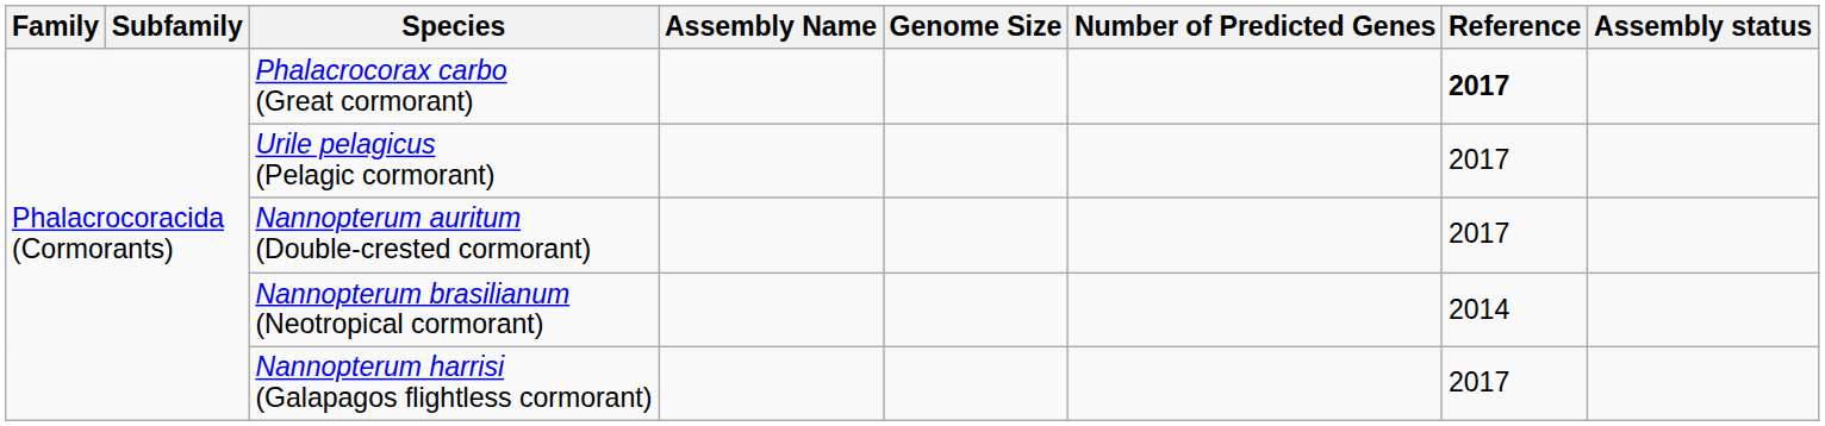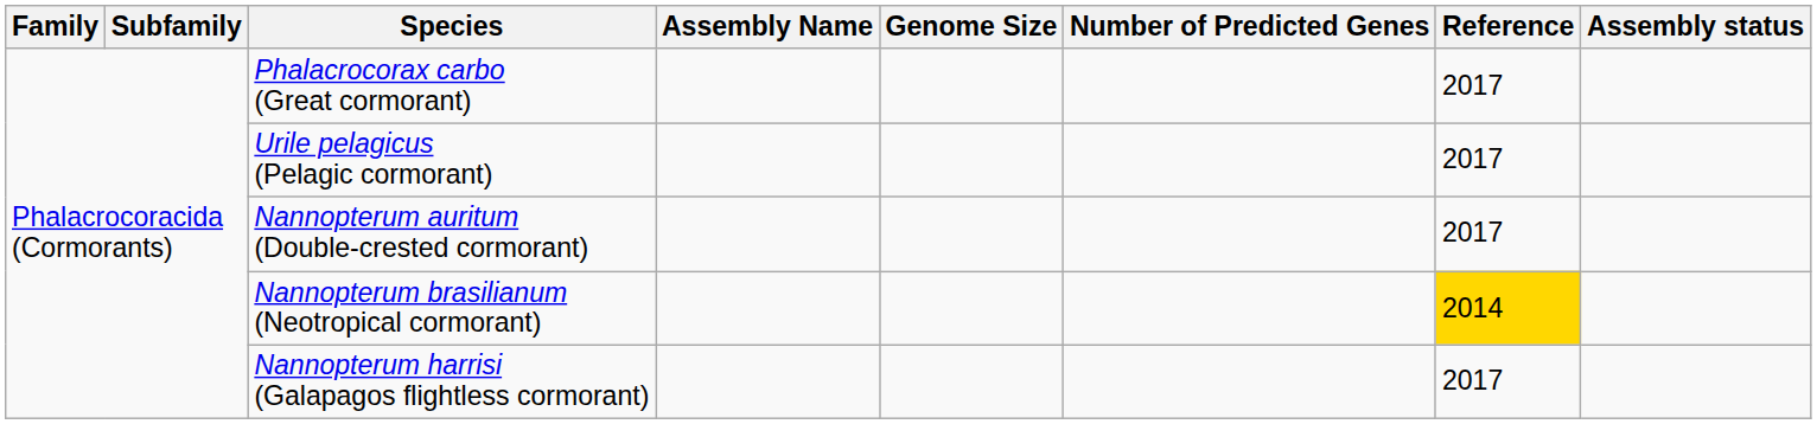 <table class="wikitable sortable">
 <tr>
 <th>Family</th>
 <th>Subfamily</th>
 <th>Species</th>
 <th>Assembly Name</th>
 <th>Genome Size</th>
 <th>Number of Predicted Genes</th>
 <th>Reference</th>
 <th>Assembly status</th>
 </tr>
 <tr>
 <td colspan="2" rowspan="5"><a href='#'>Phalacrocoracida</a><br>(Cormorants)</td>
 <td><em><a href='#'>Phalacrocorax carbo</a></em><br>(Great cormorant)</td>
 <td></td>
 <td></td>
 <td></td>
-<td><strong>2017</strong></td>
+<td>2017</td>
 <td></td>
 </tr>
 <tr>
 <td><em><a href='#'>Urile pelagicus</a></em><br>(Pelagic cormorant)</td>
 <td></td>
 <td></td>
 <td></td>
 <td>2017</td>
 <td></td>
 </tr>
 <tr>
 <td><em><a href='#'>Nannopterum auritum</a></em><br>(Double-crested cormorant)</td>
 <td></td>
 <td></td>
 <td></td>
 <td>2017</td>
 <td></td>
 </tr>
 <tr>
 <td><em><a href='#'>Nannopterum brasilianum</a></em><br>(Neotropical cormorant)</td>
 <td></td>
 <td></td>
 <td></td>
-<td>2014</td>
+<td style="background: gold;">2014</td>
 <td></td>
 </tr>
 <tr>
 <td><em><a href='#'>Nannopterum harrisi</a></em><br>(Galapagos flightless cormorant)</td>
 <td></td>
 <td></td>
 <td></td>
 <td>2017</td>
 <td></td>
 </tr>
 </table>
